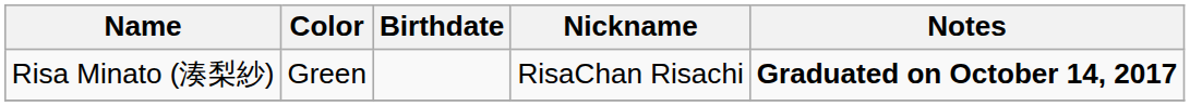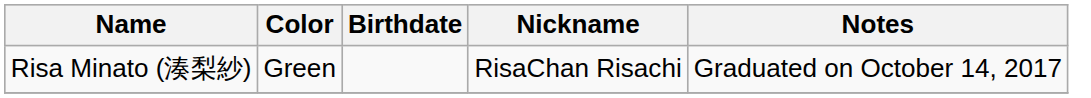 <table class="wikitable">
 <tr>
 <th>Name</th>
 <th>Color</th>
 <th>Birthdate</th>
 <th>Nickname</th>
 <th>Notes</th>
 </tr>
 <tr>
 <td>Risa Minato (湊梨紗)</td>
 <td> Green</td>
 <td></td>
 <td>RisaChan Risachi</td>
-<td><strong>Graduated on October 14, 2017</strong></td>
+<td>Graduated on October 14, 2017</td>
 </tr>
 <tr>
 </tr>
 </table>
